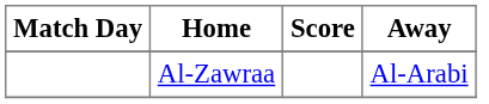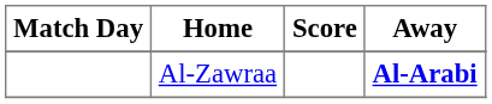 <table class="toccolours" border="1" cellpadding="4" cellspacing="0" style="border-collapse: collapse; margin:0;">
 <tr>
 <th>Match Day</th>
 <th>Home</th>
 <th>Score</th>
 <th>Away</th>
 </tr>
 <tr>
 </tr>
 <tr style=>
 <td></td>
 <td><a href='#'>Al-Zawraa</a> </td>
 <td></td>
-<td> <a href='#'>Al-Arabi</a></td>
+<td><strong> <a href='#'>Al-Arabi</a></strong></td>
 </tr>
 <tr>
 </tr>
 </table>
